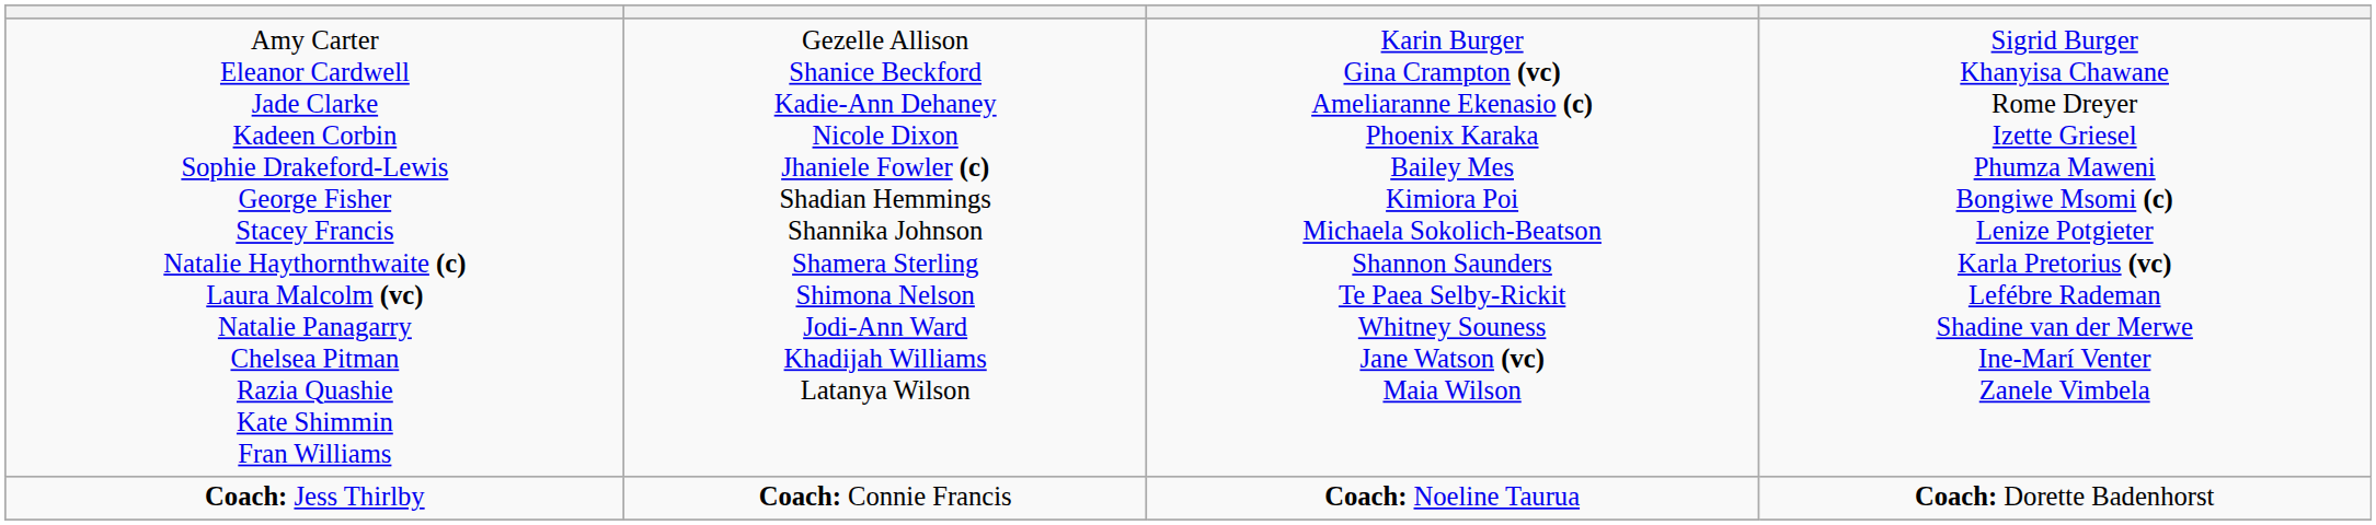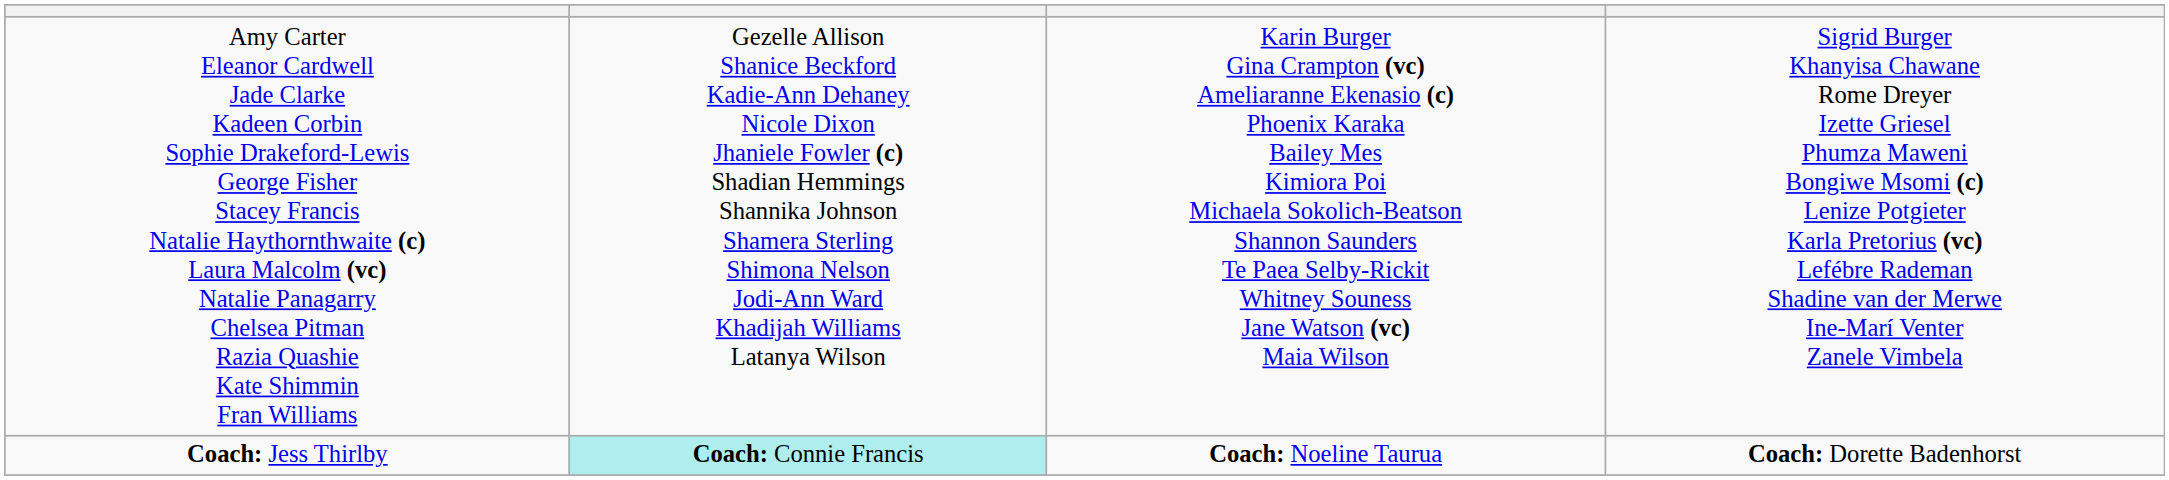 <table class=wikitable width=100% style="text-align:center; font-size:90%">
 <tr>
 <th></th>
 <th></th>
 <th></th>
 <th></th>
 </tr>
 <tr valign=top>
 <td>Amy Carter<br><a href='#'>Eleanor Cardwell</a><br><a href='#'>Jade Clarke</a><br><a href='#'>Kadeen Corbin</a><br><a href='#'>Sophie Drakeford-Lewis</a><br><a href='#'>George Fisher</a><br><a href='#'>Stacey Francis</a><br><a href='#'>Natalie Haythornthwaite</a> <strong>(c)</strong><br><a href='#'>Laura Malcolm</a> <strong>(vc)</strong><br><a href='#'>Natalie Panagarry</a><br><a href='#'>Chelsea Pitman</a><br><a href='#'>Razia Quashie</a><br><a href='#'>Kate Shimmin</a><br><a href='#'>Fran Williams</a></td>
 <td>Gezelle Allison<br><a href='#'>Shanice Beckford</a><br><a href='#'>Kadie-Ann Dehaney</a><br><a href='#'>Nicole Dixon</a><br><a href='#'>Jhaniele Fowler</a> <strong>(c)</strong><br>Shadian Hemmings<br>Shannika Johnson<br><a href='#'>Shamera Sterling</a><br><a href='#'>Shimona Nelson</a><br><a href='#'>Jodi-Ann Ward</a><br><a href='#'>Khadijah Williams</a><br>Latanya Wilson</td>
 <td><a href='#'>Karin Burger</a><br><a href='#'>Gina Crampton</a> <strong>(vc)</strong><br><a href='#'>Ameliaranne Ekenasio</a> <strong>(c)</strong><br><a href='#'>Phoenix Karaka</a><br><a href='#'>Bailey Mes</a><br><a href='#'>Kimiora Poi</a><br><a href='#'>Michaela Sokolich-Beatson</a><br><a href='#'>Shannon Saunders</a><br><a href='#'>Te Paea Selby-Rickit</a><br><a href='#'>Whitney Souness</a><br><a href='#'>Jane Watson</a> <strong>(vc)</strong><br><a href='#'>Maia Wilson</a></td>
 <td><a href='#'>Sigrid Burger</a><br><a href='#'>Khanyisa Chawane</a><br>Rome Dreyer<br><a href='#'>Izette Griesel</a><br><a href='#'>Phumza Maweni</a><br><a href='#'>Bongiwe Msomi</a> <strong>(c)</strong><br><a href='#'>Lenize Potgieter</a><br><a href='#'>Karla Pretorius</a> <strong>(vc)</strong><br><a href='#'>Lefébre Rademan</a><br><a href='#'>Shadine van der Merwe</a><br><a href='#'>Ine-Marí Venter</a><br><a href='#'>Zanele Vimbela</a></td>
 </tr>
 <tr>
 <td> <strong>Coach:</strong> <a href='#'>Jess Thirlby</a></td>
-<td> <strong>Coach:</strong> Connie Francis</td>
+<td style="background: paleturquoise;"> <strong>Coach:</strong> Connie Francis</td>
 <td> <strong>Coach:</strong> <a href='#'>Noeline Taurua</a></td>
 <td> <strong>Coach:</strong> Dorette Badenhorst</td>
 </tr>
 </table>
